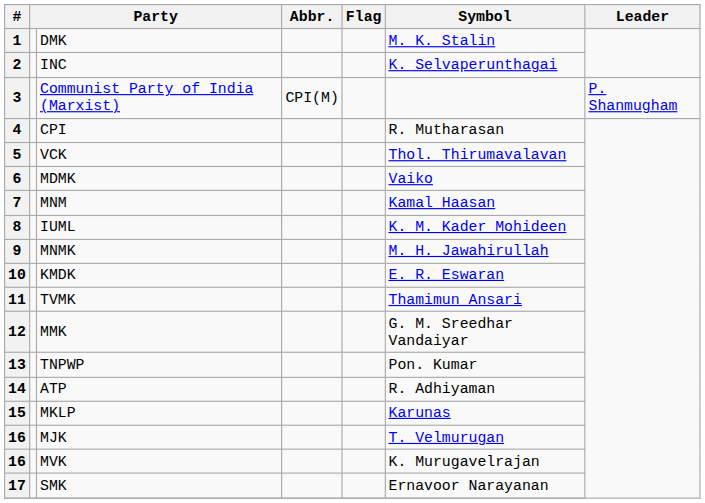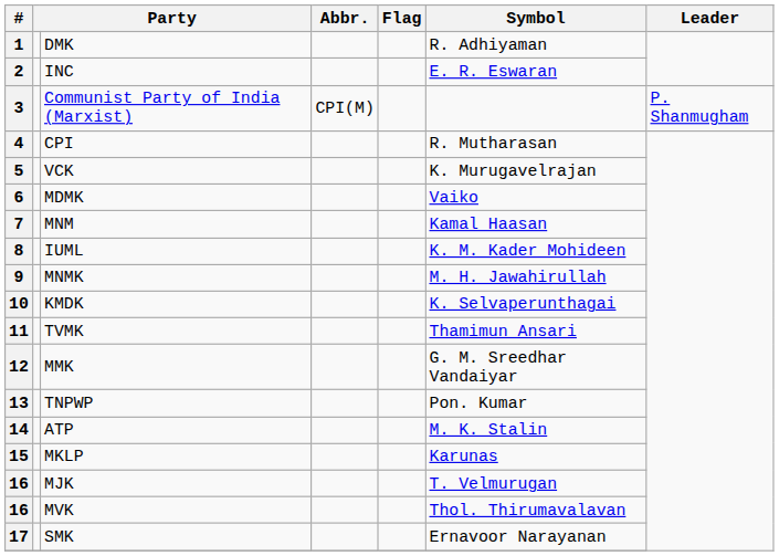 <table class="wikitable sortable">
 <tr>
 <th>#</th>
 <th colspan=2>Party</th>
 <th>Abbr.</th>
 <th>Flag</th>
 <th>Symbol</th>
 <th>Leader</th>
 </tr>
 <tr>
 <th>1</th>
 <td></td>
 <td>DMK</td>
 <td></td>
 <td></td>
-<td><a href='#'>M. K. Stalin</a></td>
+<td>R. Adhiyaman</td>
 </tr>
 <tr>
 <th>2</th>
 <td></td>
 <td>INC</td>
 <td></td>
 <td></td>
-<td><a href='#'>K. Selvaperunthagai</a></td>
+<td><a href='#'>E. R. Eswaran</a></td>
 </tr>
 <tr>
 <th>3</th>
 <td></td>
 <td><a href='#'>Communist Party of India  (Marxist)</a></td>
 <td>CPI(M)</td>
 <td></td>
 <td></td>
 <td><a href='#'>P. Shanmugham</a></td>
 </tr>
 <tr>
 <th>4</th>
 <td></td>
 <td>CPI</td>
 <td></td>
 <td></td>
 <td>R. Mutharasan</td>
 </tr>
 <tr>
 <th>5</th>
 <td></td>
 <td>VCK</td>
 <td></td>
 <td></td>
-<td><a href='#'>Thol. Thirumavalavan</a></td>
+<td>K. Murugavelrajan</td>
 </tr>
 <tr>
 <th>6</th>
 <td></td>
 <td>MDMK</td>
 <td></td>
 <td></td>
 <td><a href='#'>Vaiko</a></td>
 </tr>
 <tr>
 <th>7</th>
 <td></td>
 <td>MNM</td>
 <td></td>
 <td></td>
 <td><a href='#'>Kamal Haasan</a></td>
 </tr>
 <tr>
 <th>8</th>
 <td></td>
 <td>IUML</td>
 <td></td>
 <td></td>
 <td><a href='#'>K. M. Kader Mohideen</a></td>
 </tr>
 <tr>
 <th>9</th>
 <td></td>
 <td>MNMK</td>
 <td></td>
 <td></td>
 <td><a href='#'>M. H. Jawahirullah</a></td>
 </tr>
 <tr>
 <th>10</th>
 <td></td>
 <td>KMDK</td>
 <td></td>
 <td></td>
-<td><a href='#'>E. R. Eswaran</a></td>
+<td><a href='#'>K. Selvaperunthagai</a></td>
 </tr>
 <tr>
 <th>11</th>
 <td></td>
 <td>TVMK</td>
 <td></td>
 <td></td>
 <td><a href='#'>Thamimun Ansari</a></td>
 </tr>
 <tr>
 <th>12</th>
 <td></td>
 <td>MMK</td>
 <td></td>
 <td></td>
 <td>G. M. Sreedhar Vandaiyar</td>
 </tr>
 <tr>
 <th>13</th>
 <td></td>
 <td>TNPWP</td>
 <td></td>
 <td></td>
 <td>Pon. Kumar</td>
 </tr>
 <tr>
 <th>14</th>
 <td></td>
 <td>ATP</td>
 <td></td>
 <td></td>
-<td>R. Adhiyaman</td>
+<td><a href='#'>M. K. Stalin</a></td>
 </tr>
 <tr>
 <th>15</th>
 <td></td>
 <td>MKLP</td>
 <td></td>
 <td></td>
 <td><a href='#'>Karunas</a></td>
 </tr>
 <tr>
 <th>16</th>
 <td></td>
 <td>MJK</td>
 <td></td>
 <td></td>
 <td><a href='#'>T. Velmurugan</a></td>
 </tr>
 <tr>
 <th>16</th>
 <td></td>
 <td>MVK</td>
 <td></td>
 <td></td>
-<td>K. Murugavelrajan</td>
+<td><a href='#'>Thol. Thirumavalavan</a></td>
 </tr>
 <tr>
 <th>17</th>
 <td></td>
 <td>SMK</td>
 <td></td>
 <td></td>
 <td>Ernavoor Narayanan</td>
 </tr>
 <tr>
 </tr>
 </table>
